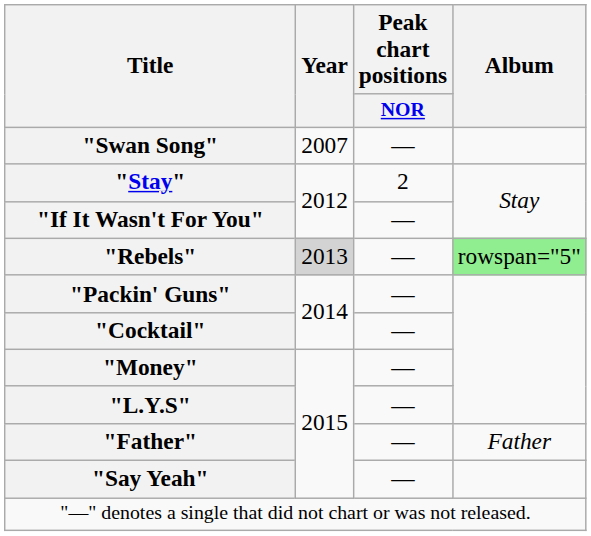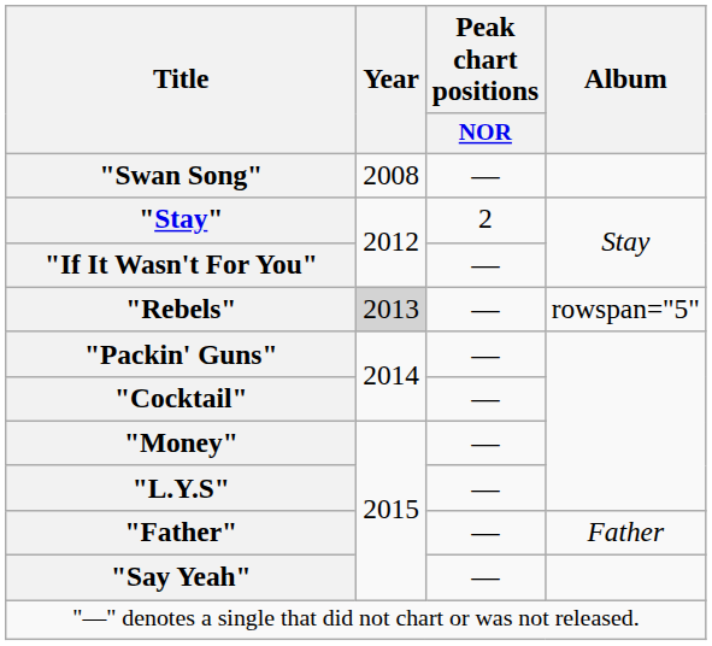 <table class="wikitable plainrowheaders" style="text-align:center;">
 <tr>
 <th scope="col" rowspan="2" style="width:12em;">Title</th>
 <th scope="col" rowspan="2" style="width:1em;">Year</th>
 <th scope="col" colspan="1">Peak chart positions</th>
 <th scope="col" rowspan="2">Album</th>
 </tr>
 <tr>
 <th scope="col" style="width:3em;font-size:85%;"><a href='#'>NOR</a></th>
 </tr>
 <tr>
 <th scope="row">"Swan Song"</th>
-<td>2007</td>
+<td>2008</td>
 <td>—</td>
 <td></td>
 </tr>
 <tr>
 <th scope="row">"<a href='#'>Stay</a>"</th>
 <td rowspan="2">2012</td>
 <td>2</td>
 <td rowspan="2"><em>Stay</em></td>
 </tr>
 <tr>
 <th scope="row">"If It Wasn't For You"</th>
 <td>—</td>
 </tr>
 <tr>
 <th scope="row">"Rebels"</th>
 <td style="background: lightgrey;">2013</td>
 <td>—</td>
-<td style="background: lightgreen;">rowspan="5" </td>
+<td>rowspan="5" </td>
 </tr>
 <tr>
 <th scope="row">"Packin' Guns"</th>
 <td rowspan="2">2014</td>
 <td>—</td>
 </tr>
 <tr>
 <th scope="row">"Cocktail"</th>
 <td>—</td>
 </tr>
 <tr>
 <th scope="row">"Money"</th>
 <td rowspan="4">2015</td>
 <td>—</td>
 </tr>
 <tr>
 <th scope="row">"L.Y.S"</th>
 <td>—</td>
 </tr>
 <tr>
 <th scope="row">"Father"</th>
 <td>—</td>
 <td><em>Father</em></td>
 </tr>
 <tr>
 <th scope="row">"Say Yeah"</th>
 <td>—</td>
 <td></td>
 </tr>
 <tr>
 <td colspan="20" style="font-size:85%">"—" denotes a single that did not chart or was not released.</td>
 </tr>
 </table>
